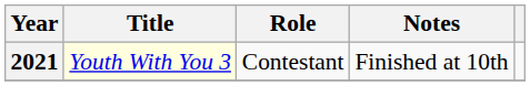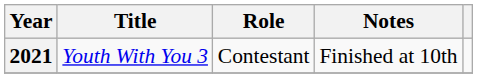 <table class="wikitable sortable plainrowheaders">
 <tr>
 <th scope="col">Year</th>
 <th scope="col">Title</th>
 <th scope="col">Role</th>
 <th scope="col">Notes</th>
 <th scope="col" class="unsortable"></th>
 </tr>
 <tr>
 <th scope="row">2021</th>
-<td style="background: lightyellow;"><em><a href='#'>Youth With You 3</a></em></td>
+<td><em><a href='#'>Youth With You 3</a></em></td>
 <td>Contestant</td>
 <td>Finished at 10th</td>
 <td></td>
 </tr>
 <tr>
 </tr>
 </table>
